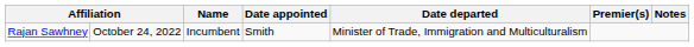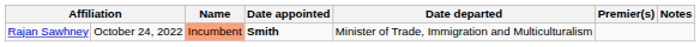 <table class="wikitable">
 <tr>
 <th colspan="2">Affiliation</th>
 <th>Name</th>
 <th>Date appointed</th>
 <th>Date departed</th>
 <th>Premier(s)</th>
 <th>Notes</th>
 </tr>
 <tr>
 <td><a href='#'>Rajan Sawhney</a></td>
 <td>October 24, 2022</td>
-<td>Incumbent</td>
-<td>Smith</td>
+<td style="background: lightsalmon;">Incumbent</td>
+<td><strong>Smith</strong></td>
 <td>Minister of Trade, Immigration and Multiculturalism</td>
 </tr>
 </table>
